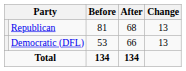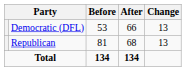 <table class="wikitable" style="text-align:center;">
 <tr>
 <th colspan="2">Party</th>
 <th>Before</th>
 <th>After</th>
 <th>Change</th>
 </tr>
 <tr>
 <th style="background-color:"></th>
-<td style="text-align:left;"><a href='#'>Republican</a></td>
-<td>81</td>
-<td>68</td>
+<td style="text-align:left;"><a href='#'>Democratic (DFL)</a></td>
+<td>53</td>
+<td>66</td>
 <td> 13</td>
 </tr>
 <tr>
 <th style="background-color:"></th>
-<td style="text-align:left;"><a href='#'>Democratic (DFL)</a></td>
-<td>53</td>
-<td>66</td>
+<td style="text-align:left;"><a href='#'>Republican</a></td>
+<td>81</td>
+<td>68</td>
 <td> 13</td>
 </tr>
 <tr>
 <td colspan="2"><strong>Total</strong></td>
 <td><strong>134</strong></td>
 <td><strong>134</strong></td>
 <td></td>
 </tr>
 </table>
